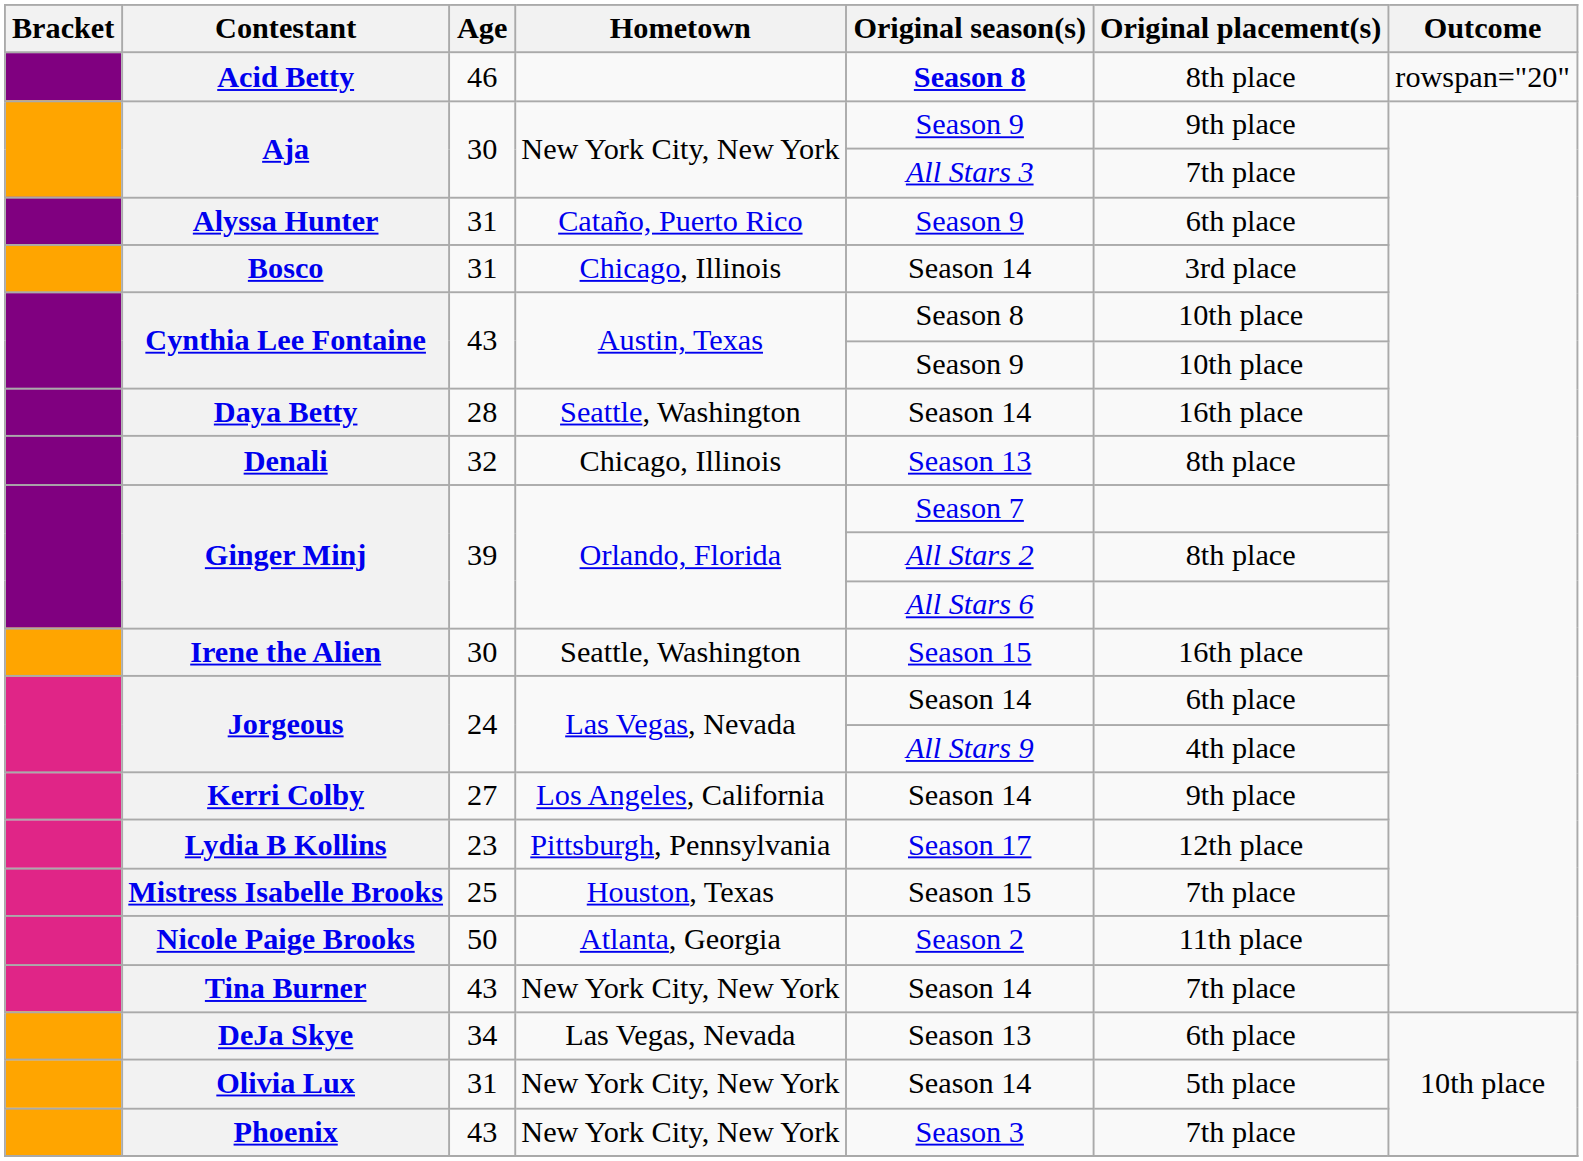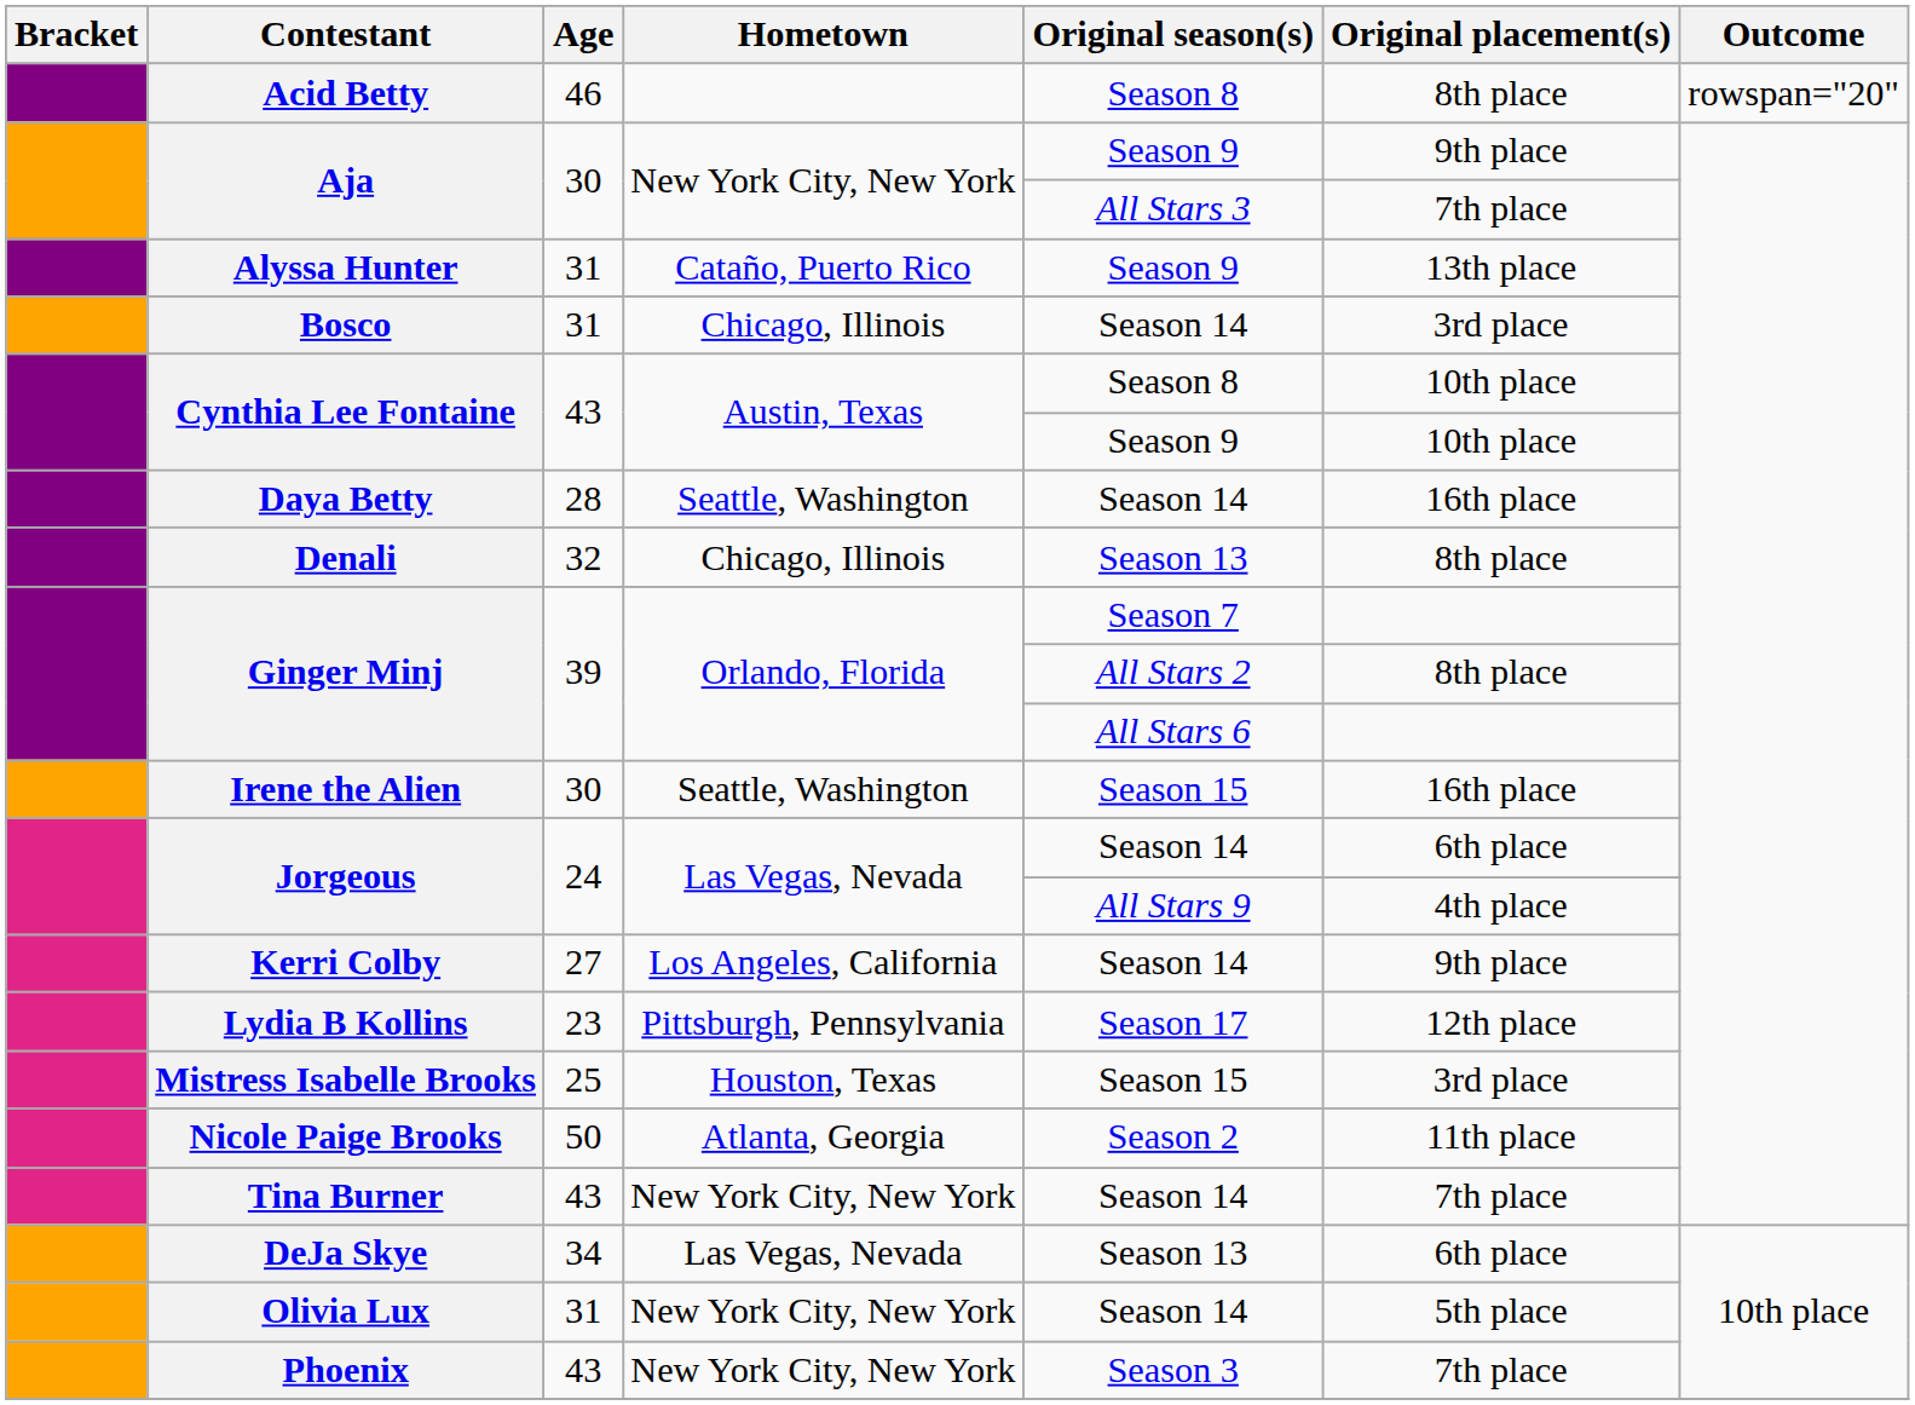 <table class="wikitable sortable" style="text-align:center">
 <tr>
 <th scope="col">Bracket</th>
 <th scope="col">Contestant</th>
 <th scope="col">Age</th>
 <th scope="col">Hometown</th>
 <th scope="col">Original season(s)</th>
 <th scope="col">Original placement(s)</th>
 <th scope="col">Outcome</th>
 </tr>
 <tr>
 <td bgcolor="purple"></td>
 <th scope="row"><a href='#'>Acid Betty</a></th>
 <td>46</td>
 <td></td>
-<td><strong><a href='#'>Season 8</a></strong></td>
+<td><a href='#'>Season 8</a></td>
 <td>8th place</td>
 <td>rowspan="20" </td>
 </tr>
 <tr>
 <td bgcolor="orange" rowspan="2"></td>
 <th scope="row" rowspan="2"><a href='#'>Aja</a></th>
 <td rowspan="2">30</td>
 <td rowspan="2">New York City, New York</td>
 <td><a href='#'>Season 9</a></td>
 <td>9th place</td>
 </tr>
 <tr>
 <td><a href='#'><em>All Stars 3</em></a></td>
 <td>7th place</td>
 </tr>
 <tr>
 <td bgcolor="purple"></td>
 <th scope="row"><a href='#'>Alyssa Hunter</a></th>
 <td>31</td>
 <td><a href='#'>Cataño, Puerto Rico</a></td>
 <td><a href='#'>Season 9</a></td>
-<td>6th place</td>
+<td>13th place</td>
 </tr>
 <tr>
 <td bgcolor="orange"></td>
 <th scope="row"><a href='#'>Bosco</a></th>
 <td>31</td>
 <td><a href='#'>Chicago</a>, Illinois</td>
 <td>Season 14</td>
 <td>3rd place</td>
 </tr>
 <tr>
 <td bgcolor="purple" rowspan="2"></td>
 <th scope="row" rowspan="2"><a href='#'>Cynthia Lee Fontaine</a></th>
 <td rowspan="2">43</td>
 <td rowspan="2"><a href='#'>Austin, Texas</a></td>
 <td>Season 8</td>
 <td>10th place</td>
 </tr>
 <tr>
 <td>Season 9</td>
 <td>10th place</td>
 </tr>
 <tr>
 <td bgcolor="purple"></td>
 <th scope="row"><a href='#'>Daya Betty</a></th>
 <td>28</td>
 <td><a href='#'>Seattle</a>, Washington</td>
 <td>Season 14</td>
 <td>16th place</td>
 </tr>
 <tr>
 <td bgcolor="purple"></td>
 <th scope="row"><a href='#'>Denali</a></th>
 <td>32</td>
 <td>Chicago, Illinois</td>
 <td><a href='#'>Season 13</a></td>
 <td>8th place</td>
 </tr>
 <tr>
 <td bgcolor="purple" rowspan="3"></td>
 <th scope="row" rowspan="3"><a href='#'>Ginger Minj</a></th>
 <td rowspan="3">39</td>
 <td rowspan="3"><a href='#'>Orlando, Florida</a></td>
 <td><a href='#'>Season 7</a></td>
 <td></td>
 </tr>
 <tr>
 <td><a href='#'><em>All Stars 2</em></a></td>
 <td>8th place</td>
 </tr>
 <tr>
 <td><a href='#'><em>All Stars 6</em></a></td>
 <td></td>
 </tr>
 <tr>
 <td bgcolor="orange"></td>
 <th scope="row"><a href='#'>Irene the Alien</a></th>
 <td>30</td>
 <td>Seattle, Washington</td>
 <td><a href='#'>Season 15</a></td>
 <td>16th place</td>
 </tr>
 <tr>
 <td bgcolor="#e02587" rowspan="2"></td>
 <th scope="row" rowspan="2"><a href='#'>Jorgeous</a></th>
 <td rowspan="2">24</td>
 <td rowspan="2"><a href='#'>Las Vegas</a>, Nevada</td>
 <td>Season 14</td>
 <td>6th place</td>
 </tr>
 <tr>
 <td><a href='#'><em>All Stars 9</em></a></td>
 <td>4th place</td>
 </tr>
 <tr>
 <td bgcolor="#e02587"></td>
 <th scope="row"><a href='#'>Kerri Colby</a></th>
 <td>27</td>
 <td><a href='#'>Los Angeles</a>, California</td>
 <td>Season 14</td>
 <td>9th place</td>
 </tr>
 <tr>
 <td bgcolor="#e02587"></td>
 <th scope="row"><a href='#'>Lydia B Kollins</a></th>
 <td>23</td>
 <td nowrap><a href='#'>Pittsburgh</a>, Pennsylvania</td>
 <td><a href='#'>Season 17</a></td>
 <td>12th place</td>
 </tr>
 <tr>
 <td bgcolor="#e02587"></td>
 <th scope="row" nowrap><a href='#'>Mistress Isabelle Brooks</a></th>
 <td>25</td>
 <td><a href='#'>Houston</a>, Texas</td>
 <td>Season 15</td>
-<td>7th place</td>
+<td>3rd place</td>
 </tr>
 <tr>
 <td bgcolor="#e02587"></td>
 <th scope="row"><a href='#'>Nicole Paige Brooks</a></th>
 <td>50</td>
 <td><a href='#'>Atlanta</a>, Georgia</td>
 <td><a href='#'>Season 2</a></td>
 <td>11th place</td>
 </tr>
 <tr>
 <td bgcolor="#e02587"></td>
 <th scope="row"><a href='#'>Tina Burner</a></th>
 <td>43</td>
 <td>New York City, New York</td>
 <td>Season 14</td>
 <td>7th place</td>
 </tr>
 <tr>
 <td bgcolor="orange"></td>
 <th scope="row"><a href='#'>DeJa Skye</a></th>
 <td>34</td>
 <td>Las Vegas, Nevada</td>
 <td>Season 13</td>
 <td>6th place</td>
 <td rowspan="3">10th place</td>
 </tr>
 <tr>
 <td bgcolor="orange"></td>
 <th scope="row"><a href='#'>Olivia Lux</a></th>
 <td>31</td>
 <td>New York City, New York</td>
 <td>Season 14</td>
 <td>5th place</td>
 </tr>
 <tr>
 <td bgcolor="orange"></td>
 <th scope="row"><a href='#'>Phoenix</a></th>
 <td>43</td>
 <td>New York City, New York</td>
 <td><a href='#'>Season 3</a></td>
 <td>7th place</td>
 </tr>
 <tr>
 </tr>
 </table>
